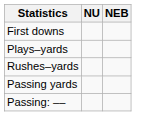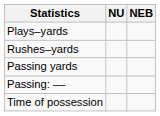 <table class="wikitable" style="float:left">
 <tr>
 <th>Statistics</th>
 <th>NU</th>
 <th>NEB</th>
-</tr>
-<tr>
-<td>First downs</td>
-<td></td>
-<td></td>
 </tr>
 <tr>
 <td>Plays–yards</td>
 <td></td>
 <td></td>
 </tr>
 <tr>
 <td>Rushes–yards</td>
 <td></td>
 <td></td>
 </tr>
 <tr>
 <td>Passing yards</td>
 <td></td>
 <td></td>
 </tr>
 <tr>
 <td>Passing: ––</td>
 <td></td>
 <td></td>
 </tr>
+<tr>
+<td>Time of possession</td>
+<td></td>
+<td></td>
+</tr>
 </table>
